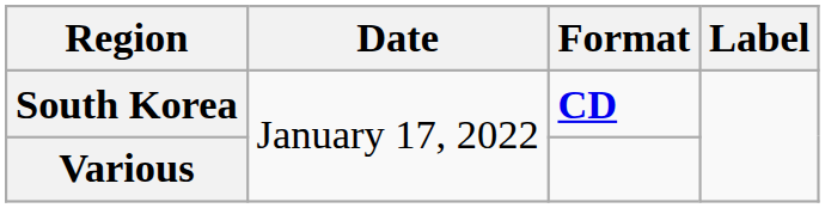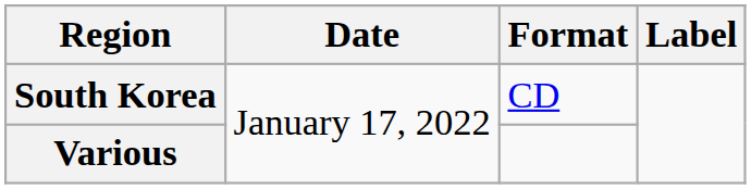 <table class="wikitable plainrowheaders">
 <tr>
 <th scope="col">Region</th>
 <th scope="col">Date</th>
 <th scope="col">Format</th>
 <th scope="col">Label</th>
 </tr>
 <tr>
 <th scope="row">South Korea</th>
 <td rowspan="2">January 17, 2022</td>
-<td><strong><a href='#'>CD</a></strong></td>
+<td><a href='#'>CD</a></td>
 <td rowspan="2"></td>
 </tr>
 <tr>
 <th scope="row">Various </th>
 <td></td>
 </tr>
 </table>
